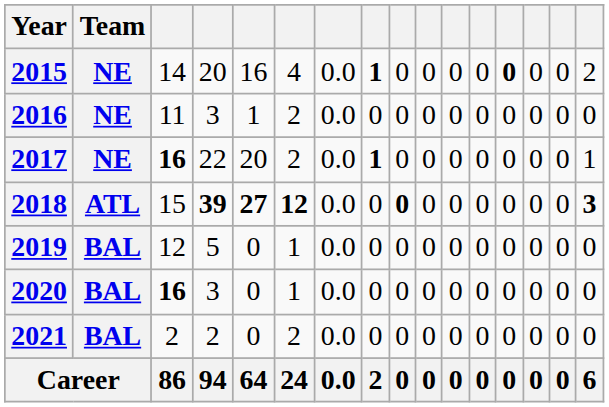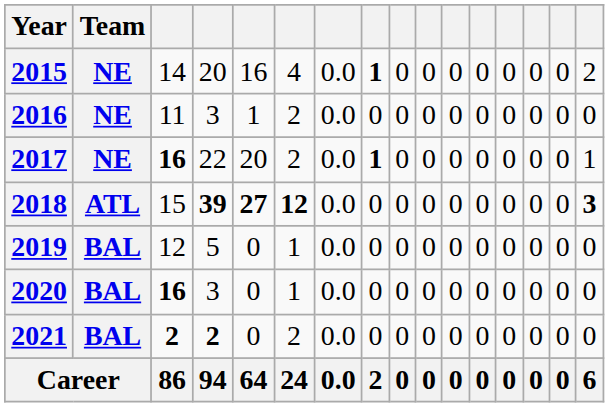 <table class="wikitable" style="text-align:center">
 <tr>
 <th>Year</th>
 <th>Team</th>
 <th></th>
 <th></th>
 <th></th>
 <th></th>
 <th></th>
 <th></th>
 <th></th>
 <th></th>
 <th></th>
 <th></th>
 <th></th>
 <th></th>
 <th></th>
 <th></th>
 </tr>
 <tr>
 <th><a href='#'>2015</a></th>
 <th><a href='#'>NE</a></th>
 <td>14</td>
 <td>20</td>
 <td>16</td>
 <td>4</td>
 <td>0.0</td>
 <td><strong>1</strong></td>
 <td>0</td>
 <td>0</td>
 <td>0</td>
 <td>0</td>
-<td><strong>0</strong></td>
+<td>0</td>
 <td>0</td>
 <td>0</td>
 <td>2</td>
 </tr>
 <tr>
 <th><a href='#'>2016</a></th>
 <th><a href='#'>NE</a></th>
 <td>11</td>
 <td>3</td>
 <td>1</td>
 <td>2</td>
 <td>0.0</td>
 <td>0</td>
 <td>0</td>
 <td>0</td>
 <td>0</td>
 <td>0</td>
 <td>0</td>
 <td>0</td>
 <td>0</td>
 <td>0</td>
 </tr>
 <tr>
 <th><a href='#'>2017</a></th>
 <th><a href='#'>NE</a></th>
 <td><strong>16</strong></td>
 <td>22</td>
 <td>20</td>
 <td>2</td>
 <td>0.0</td>
 <td><strong>1</strong></td>
 <td>0</td>
 <td>0</td>
 <td>0</td>
 <td>0</td>
 <td>0</td>
 <td>0</td>
 <td>0</td>
 <td>1</td>
 </tr>
 <tr>
 <th><a href='#'>2018</a></th>
 <th><a href='#'>ATL</a></th>
 <td>15</td>
 <td><strong>39</strong></td>
 <td><strong>27</strong></td>
 <td><strong>12</strong></td>
 <td>0.0</td>
 <td>0</td>
-<td><strong>0</strong></td>
+<td>0</td>
 <td>0</td>
 <td>0</td>
 <td>0</td>
 <td>0</td>
 <td>0</td>
 <td>0</td>
 <td><strong>3</strong></td>
 </tr>
 <tr>
 <th><a href='#'>2019</a></th>
 <th><a href='#'>BAL</a></th>
 <td>12</td>
 <td>5</td>
 <td>0</td>
 <td>1</td>
 <td>0.0</td>
 <td>0</td>
 <td>0</td>
 <td>0</td>
 <td>0</td>
 <td>0</td>
 <td>0</td>
 <td>0</td>
 <td>0</td>
 <td>0</td>
 </tr>
 <tr>
 <th><a href='#'>2020</a></th>
 <th><a href='#'>BAL</a></th>
 <td><strong>16</strong></td>
 <td>3</td>
 <td>0</td>
 <td>1</td>
 <td>0.0</td>
 <td>0</td>
 <td>0</td>
 <td>0</td>
 <td>0</td>
 <td>0</td>
 <td>0</td>
 <td>0</td>
 <td>0</td>
 <td>0</td>
 </tr>
 <tr>
 <th><a href='#'>2021</a></th>
 <th><a href='#'>BAL</a></th>
-<td>2</td>
-<td>2</td>
+<td><strong>2</strong></td>
+<td><strong>2</strong></td>
 <td>0</td>
 <td>2</td>
 <td>0.0</td>
 <td>0</td>
 <td>0</td>
 <td>0</td>
 <td>0</td>
 <td>0</td>
 <td>0</td>
 <td>0</td>
 <td>0</td>
 <td>0</td>
 </tr>
 <tr>
 <th colspan="2">Career</th>
 <th>86</th>
 <th>94</th>
 <th>64</th>
 <th>24</th>
 <th>0.0</th>
 <th>2</th>
 <th>0</th>
 <th>0</th>
 <th>0</th>
 <th>0</th>
 <th>0</th>
 <th>0</th>
 <th>0</th>
 <th>6</th>
 </tr>
 </table>
